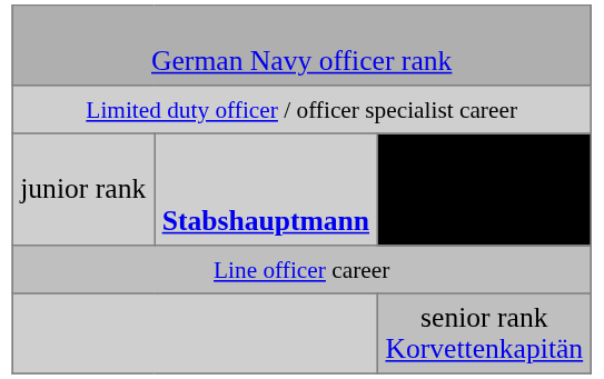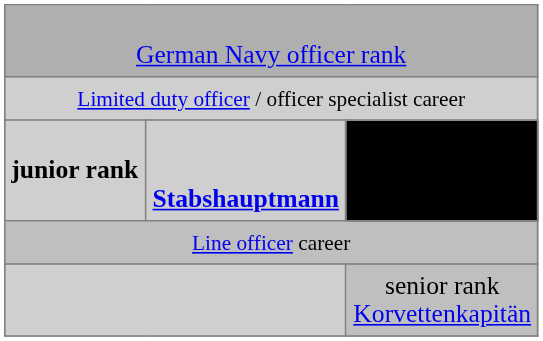 <table class="toccolours" border="1" cellpadding="4" cellspacing="0" style="border-collapse: collapse; margin: 0.5em auto; clear: both;">
 <tr>
 <td width="00%" align="center" colspan="3" style="background:#afafaf;"><br><a href='#'>German Navy officer rank</a></td>
 </tr>
 <tr>
 <td width="00%" align="center" colspan="3" style="background:#cfcfcf;"><small><a href='#'>Limited duty officer</a> / officer specialist career</small></td>
 </tr>
 <tr>
-<td width="00%" align="center" style="background:#cfcfcf;">junior rank<br></td>
+<td width="00%" align="center" style="background:#cfcfcf;"><strong>junior rank<br></strong></td>
 <td width="00%" align="center" style="background:#cfcfcf;"><span><strong></strong></span><br><br><a href='#'><span><strong>Stabshauptmann</strong></span></a></td>
 <td width="00%" align="center" colspan="1" style="background-color:black;"><span><strong>end of career</strong></span></td>
 </tr>
 <tr>
 <td width="00%" align="center" colspan="3" style="background:#bfbfbf;"><small><a href='#'>Line officer</a> career</small></td>
 </tr>
 <tr>
 <td width="00%" align="center" colspan="2" style="background:#cfcfcf;"></td>
 <td align="center" colspan="1" style="background:#bfbfbf;">senior rank<br><span><a href='#'>Korvettenkapitän</a></span></td>
 </tr>
 </table>
